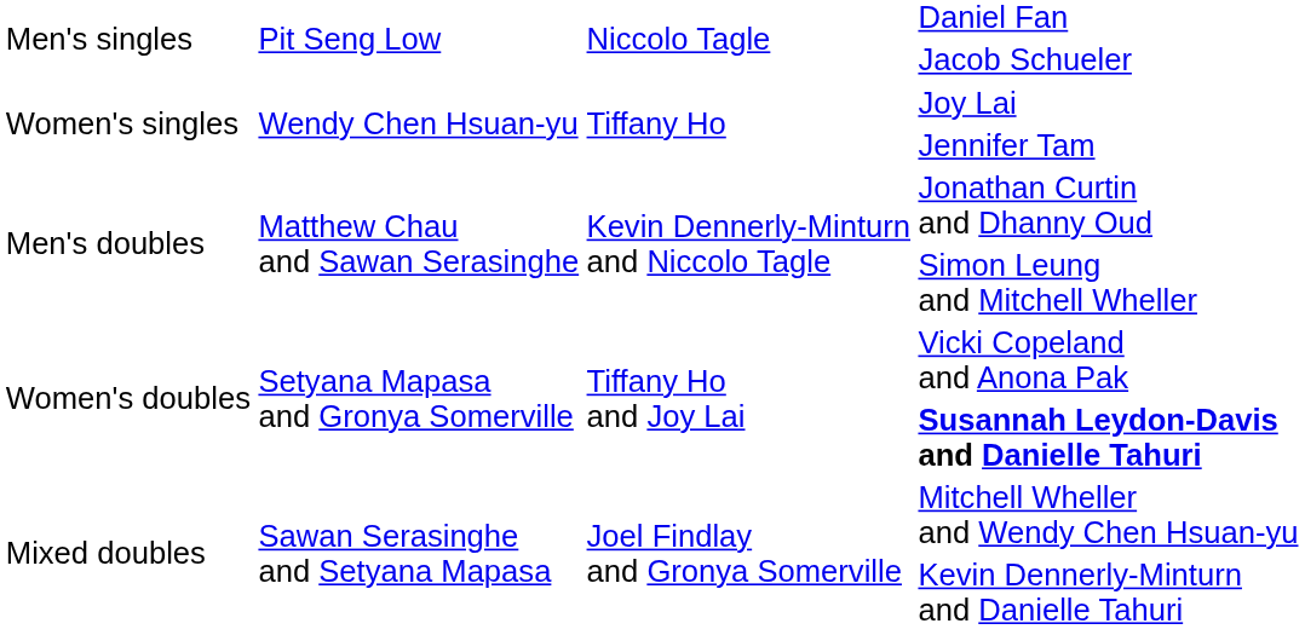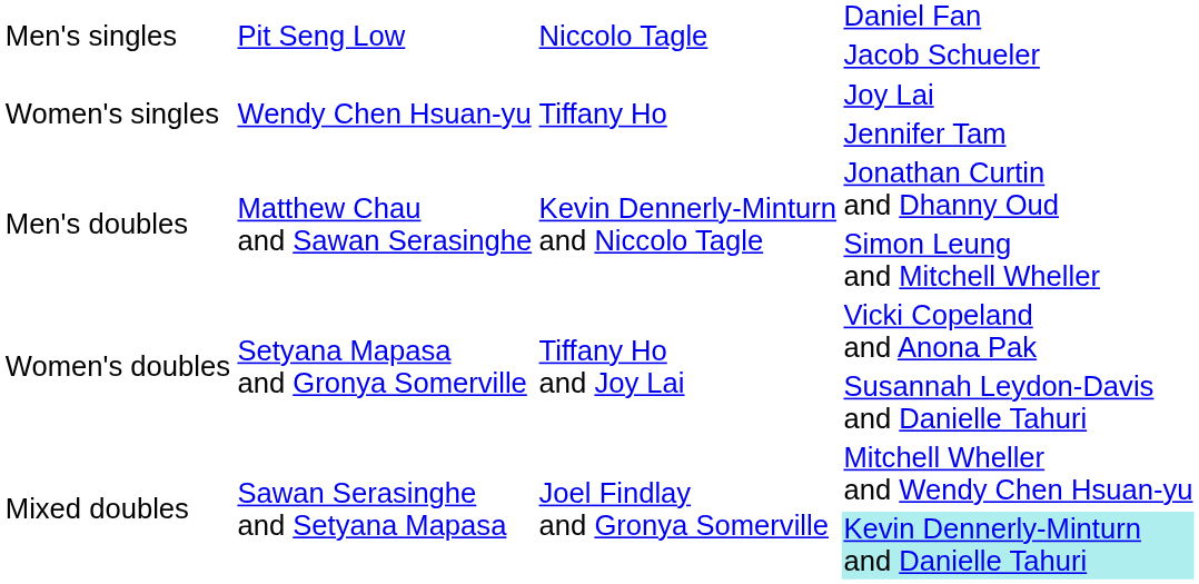 <table>
 <tr>
 <td rowspan=2>Men's singles</td>
 <td rowspan=2> <a href='#'>Pit Seng Low</a></td>
 <td rowspan=2> <a href='#'>Niccolo Tagle</a></td>
 <td> <a href='#'>Daniel Fan</a></td>
 </tr>
 <tr>
 <td> <a href='#'>Jacob Schueler</a></td>
 </tr>
 <tr>
 <td rowspan=2>Women's singles</td>
 <td rowspan=2> <a href='#'>Wendy Chen Hsuan-yu</a></td>
 <td rowspan=2> <a href='#'>Tiffany Ho</a></td>
 <td> <a href='#'>Joy Lai</a></td>
 </tr>
 <tr>
 <td> <a href='#'>Jennifer Tam</a></td>
 </tr>
 <tr>
 <td rowspan=2>Men's doubles</td>
 <td rowspan=2> <a href='#'>Matthew Chau</a><br>and <a href='#'>Sawan Serasinghe</a></td>
 <td rowspan=2> <a href='#'>Kevin Dennerly-Minturn</a><br>and <a href='#'>Niccolo Tagle</a></td>
 <td> <a href='#'>Jonathan Curtin</a><br>and <a href='#'>Dhanny Oud</a></td>
 </tr>
 <tr>
 <td> <a href='#'>Simon Leung</a><br>and <a href='#'>Mitchell Wheller</a></td>
 </tr>
 <tr>
 <td rowspan=2>Women's doubles</td>
 <td rowspan=2> <a href='#'>Setyana Mapasa</a><br>and <a href='#'>Gronya Somerville</a></td>
 <td rowspan=2> <a href='#'>Tiffany Ho</a><br>and <a href='#'>Joy Lai</a></td>
 <td> <a href='#'>Vicki Copeland</a><br>and <a href='#'>Anona Pak</a></td>
 </tr>
 <tr>
-<td><strong> <a href='#'>Susannah Leydon-Davis</a><br>and <a href='#'>Danielle Tahuri</a></strong></td>
+<td> <a href='#'>Susannah Leydon-Davis</a><br>and <a href='#'>Danielle Tahuri</a></td>
 </tr>
 <tr>
 <td rowspan=2>Mixed doubles</td>
 <td rowspan=2> <a href='#'>Sawan Serasinghe</a><br> and <a href='#'>Setyana Mapasa</a></td>
 <td rowspan=2> <a href='#'>Joel Findlay</a><br>and <a href='#'>Gronya Somerville</a></td>
 <td> <a href='#'>Mitchell Wheller</a><br>and <a href='#'>Wendy Chen Hsuan-yu</a></td>
 </tr>
 <tr>
-<td> <a href='#'>Kevin Dennerly-Minturn</a><br>and <a href='#'>Danielle Tahuri</a></td>
+<td style="background: paleturquoise;"> <a href='#'>Kevin Dennerly-Minturn</a><br>and <a href='#'>Danielle Tahuri</a></td>
 </tr>
 </table>
